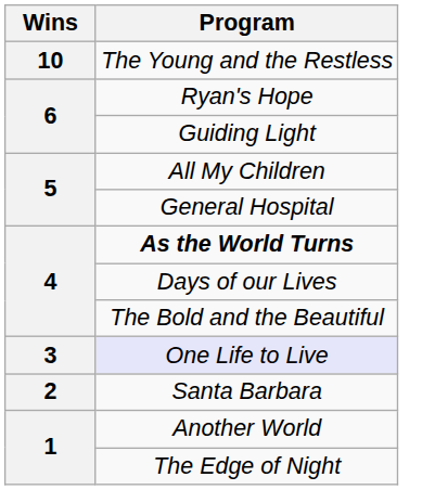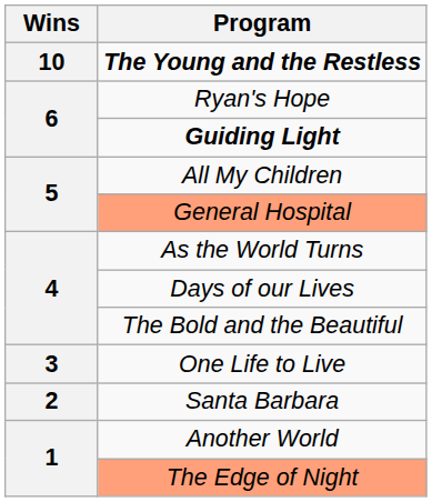 <table class="wikitable plainrowheaders sortable" style="text-align: center;">
 <tr>
 <th scope="col" width="55">Wins</th>
 <th scope="col" class="unsortable">Program</th>
 </tr>
 <tr>
 <th scope="row" rowspan=1 style="text-align:center">10</th>
-<td><em>The Young and the Restless</em></td>
+<td><strong><em>The Young and the Restless</em></strong></td>
 </tr>
 <tr>
 <th scope="row" rowspan=2 style="text-align:center">6</th>
 <td><em>Ryan's Hope</em></td>
 </tr>
 <tr>
-<td><em>Guiding Light</em></td>
+<td><strong><em>Guiding Light</em></strong></td>
 </tr>
 <tr>
 <th scope="row" rowspan=2 style="text-align:center">5</th>
 <td><em>All My Children</em></td>
 </tr>
 <tr>
-<td><em>General Hospital</em></td>
+<td style="background: lightsalmon;"><em>General Hospital</em></td>
 </tr>
 <tr>
 <th scope="row" rowspan=3 style="text-align:center">4</th>
-<td><strong><em>As the World Turns</em></strong></td>
+<td><em>As the World Turns</em></td>
 </tr>
 <tr>
 <td><em>Days of our Lives</em></td>
 </tr>
 <tr>
 <td><em>The Bold and the Beautiful</em></td>
 </tr>
 <tr>
 <th scope="row" rowspan=1 style="text-align:center">3</th>
-<td style="background: lavender;"><em>One Life to Live</em></td>
+<td><em>One Life to Live</em></td>
 </tr>
 <tr>
 <th scope="row"  style="text-align:center">2</th>
 <td><em>Santa Barbara</em></td>
 </tr>
 <tr>
 <th scope="row" rowspan=2 style="text-align:center">1</th>
 <td><em>Another World</em></td>
 </tr>
 <tr>
-<td><em>The Edge of Night</em></td>
+<td style="background: lightsalmon;"><em>The Edge of Night</em></td>
 </tr>
 </table>
